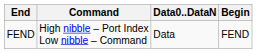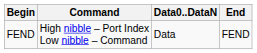 <table class="wikitable">
 <tr>
-<th>End</th>
+<th>Begin</th>
 <th>Command</th>
 <th>Data0..DataN</th>
-<th>Begin</th>
+<th>End</th>
 </tr>
 <tr>
 <td>FEND</td>
 <td>High <a href='#'>nibble</a> – Port Index<br>Low <a href='#'>nibble</a> – Command</td>
 <td>Data</td>
 <td>FEND</td>
 </tr>
 </table>
